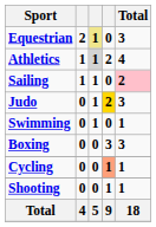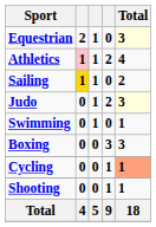 <table class="wikitable" style="font-size:85% align="right" style="text-align:center">
 <tr>
 <th>Sport</th>
 <th></th>
 <th></th>
 <th></th>
 <th>Total</th>
 </tr>
 <tr style="font-weight:bold;">
 <td><a href='#'>Equestrian</a></td>
 <td>2</td>
-<td style="background: khaki;">1</td>
+<td>1</td>
 <td>0</td>
-<td>3</td>
+<td style="background: lightyellow;">3</td>
 </tr>
 <tr style="font-weight:bold;">
 <td><a href='#'>Athletics</a></td>
+<td style="background: pink;">1</td>
 <td>1</td>
-<td style="background: lightgrey;">1</td>
 <td>2</td>
 <td>4</td>
 </tr>
 <tr style="font-weight:bold;">
 <td><a href='#'>Sailing</a></td>
-<td>1</td>
+<td style="background: gold;">1</td>
 <td>1</td>
 <td>0</td>
-<td style="background: pink;">2</td>
+<td>2</td>
 </tr>
 <tr style="font-weight:bold;">
 <td><a href='#'>Judo</a></td>
 <td>0</td>
 <td>1</td>
-<td style="background: gold;">2</td>
-<td>3</td>
+<td>2</td>
+<td style="background: lightyellow;">3</td>
 </tr>
 <tr style="font-weight:bold;">
 <td><a href='#'>Swimming</a></td>
 <td>0</td>
 <td>1</td>
 <td>0</td>
 <td>1</td>
 </tr>
 <tr style="font-weight:bold;">
 <td><a href='#'>Boxing</a></td>
 <td>0</td>
 <td>0</td>
 <td>3</td>
 <td>3</td>
 </tr>
 <tr>
 </tr>
 <tr style="font-weight:bold;">
 <td><a href='#'>Cycling</a></td>
 <td>0</td>
 <td>0</td>
+<td>1</td>
 <td style="background: lightsalmon;">1</td>
-<td>1</td>
 </tr>
 <tr>
 </tr>
 <tr style="font-weight:bold;">
 <td><a href='#'>Shooting</a></td>
 <td>0</td>
 <td>0</td>
 <td>1</td>
 <td>1</td>
 </tr>
 <tr>
 <th>Total</th>
 <th>4</th>
 <th>5</th>
 <th>9</th>
 <th>18</th>
 </tr>
 <tr>
 </tr>
 </table>
